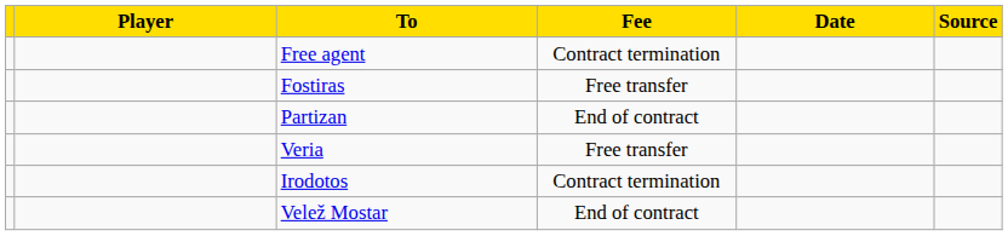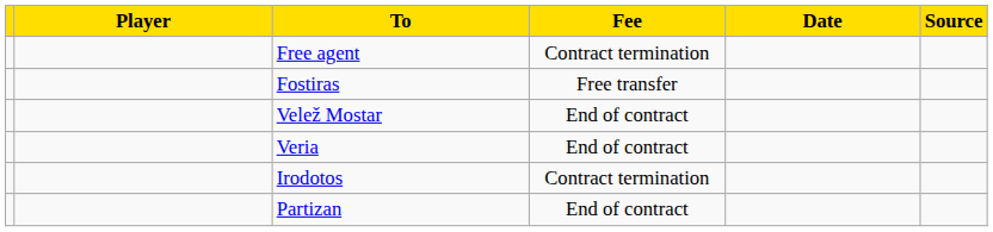 <table class="wikitable sortable">
 <tr>
 <th style="background:#FFDE00"></th>
 <th width=200 style="background:#FFDE00">Player</th>
 <th width=200 style="background:#FFDE00">To</th>
 <th width=150 style="background:#FFDE00">Fee</th>
 <th width=150 style="background:#FFDE00">Date</th>
 <th style="background:#FFDE00">Source</th>
 </tr>
 <tr>
 <td align=center></td>
 <td></td>
 <td><a href='#'>Free agent</a></td>
 <td align=center>Contract termination</td>
 <td align=center></td>
 <td align=center></td>
 </tr>
 <tr>
 <td align=center></td>
 <td></td>
 <td> <a href='#'>Fostiras</a></td>
 <td align=center>Free transfer</td>
 <td align=center></td>
 <td align=center></td>
 </tr>
 <tr>
 <td align=center></td>
 <td></td>
-<td> <a href='#'>Partizan</a></td>
+<td> <a href='#'>Velež Mostar</a></td>
 <td align=center>End of contract</td>
 <td align=center></td>
 <td align=center></td>
 </tr>
 <tr>
 <td align=center></td>
 <td></td>
 <td> <a href='#'>Veria</a></td>
-<td align=center>Free transfer</td>
+<td align=center>End of contract</td>
 <td align=center></td>
 <td align=center></td>
 </tr>
 <tr>
 <td align=center></td>
 <td></td>
 <td> <a href='#'>Irodotos</a></td>
 <td align=center>Contract termination</td>
 <td align=center></td>
 <td align=center></td>
 </tr>
 <tr>
 <td align=center></td>
 <td></td>
-<td> <a href='#'>Velež Mostar</a></td>
+<td> <a href='#'>Partizan</a></td>
 <td align=center>End of contract</td>
 <td align=center></td>
 <td align=center></td>
 </tr>
 </table>
